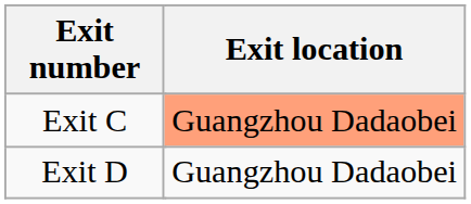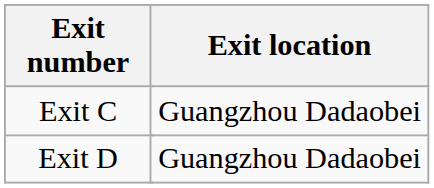 <table class="wikitable">
 <tr>
 <th style="width:70px" colspan="2">Exit number</th>
 <th>Exit location</th>
 </tr>
 <tr>
 <td align="center" colspan="2">Exit C</td>
-<td style="background: lightsalmon;">Guangzhou Dadaobei</td>
+<td>Guangzhou Dadaobei</td>
 </tr>
 <tr>
 <td align="center" colspan="2">Exit D</td>
 <td>Guangzhou Dadaobei</td>
 </tr>
 </table>
